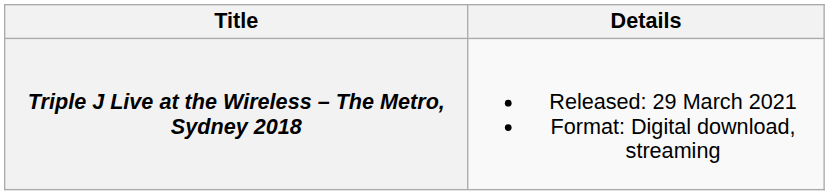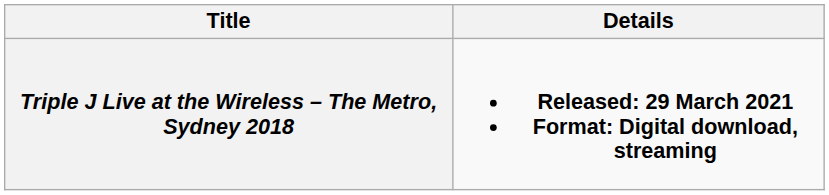 <table class="wikitable plainrowheaders" style="text-align:center;">
 <tr>
 <th scope="col">Title</th>
 <th scope="col">Details</th>
 </tr>
 <tr>
 <th scope="row"><em>Triple J Live at the Wireless – The Metro, Sydney 2018</em></th>
-<td><br><ul><li>Released: 29 March 2021</li><li>Format: Digital download, streaming</li></ul></td>
+<td><strong><br><ul><li>Released: 29 March 2021</li><li>Format: Digital download, streaming</li></ul></strong></td>
 </tr>
 </table>
